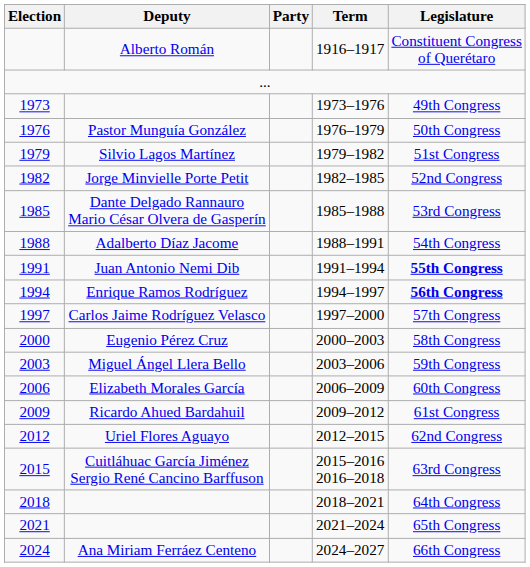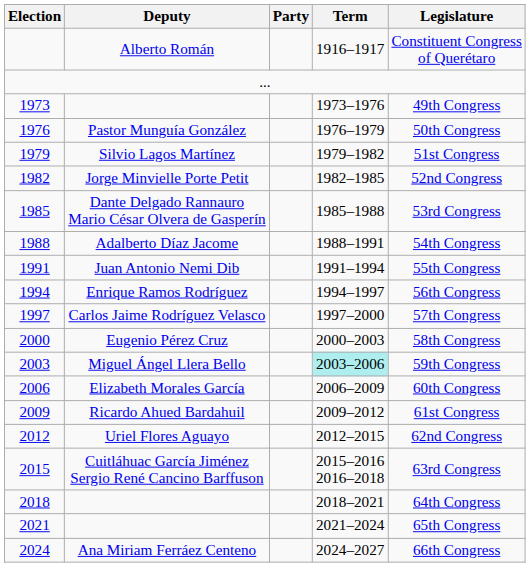 <table class="wikitable sortable" style="text-align: center">
 <tr>
 <th>Election</th>
 <th class="unsortable">Deputy</th>
 <th class="unsortable">Party</th>
 <th class="unsortable">Term</th>
 <th class="unsortable">Legislature</th>
 </tr>
 <tr>
 <td></td>
 <td><a href='#'>Alberto Román</a></td>
 <td></td>
 <td>1916–1917</td>
 <td><a href='#'>Constituent Congress<br>of Querétaro</a></td>
 </tr>
 <tr>
 <td colspan=5> ...</td>
 </tr>
 <tr>
 <td><a href='#'>1973</a></td>
 <td></td>
 <td></td>
 <td>1973–1976</td>
 <td><a href='#'>49th Congress</a></td>
 </tr>
 <tr>
 <td><a href='#'>1976</a></td>
 <td><a href='#'>Pastor Munguía González</a></td>
 <td></td>
 <td>1976–1979</td>
 <td><a href='#'>50th Congress</a></td>
 </tr>
 <tr>
 <td><a href='#'>1979</a></td>
 <td><a href='#'>Silvio Lagos Martínez</a></td>
 <td></td>
 <td>1979–1982</td>
 <td><a href='#'>51st Congress</a></td>
 </tr>
 <tr>
 <td><a href='#'>1982</a></td>
 <td><a href='#'>Jorge Minvielle Porte Petit</a></td>
 <td></td>
 <td>1982–1985</td>
 <td><a href='#'>52nd Congress</a></td>
 </tr>
 <tr>
 <td><a href='#'>1985</a></td>
 <td><a href='#'>Dante Delgado Rannauro</a><br><a href='#'>Mario César Olvera de Gasperín</a></td>
 <td></td>
 <td>1985–1988</td>
 <td><a href='#'>53rd Congress</a></td>
 </tr>
 <tr>
 <td><a href='#'>1988</a></td>
 <td><a href='#'>Adalberto Díaz Jacome</a></td>
 <td></td>
 <td>1988–1991</td>
 <td><a href='#'>54th Congress</a></td>
 </tr>
 <tr>
 <td><a href='#'>1991</a></td>
 <td><a href='#'>Juan Antonio Nemi Dib</a></td>
 <td></td>
 <td>1991–1994</td>
-<td><strong><a href='#'>55th Congress</a></strong></td>
+<td><a href='#'>55th Congress</a></td>
 </tr>
 <tr>
 <td><a href='#'>1994</a></td>
 <td><a href='#'>Enrique Ramos Rodríguez</a></td>
 <td></td>
 <td>1994–1997</td>
-<td><strong><a href='#'>56th Congress</a></strong></td>
+<td><a href='#'>56th Congress</a></td>
 </tr>
 <tr>
 <td><a href='#'>1997</a></td>
 <td><a href='#'>Carlos Jaime Rodríguez Velasco</a></td>
 <td></td>
 <td>1997–2000</td>
 <td><a href='#'>57th Congress</a></td>
 </tr>
 <tr>
 <td><a href='#'>2000</a></td>
 <td><a href='#'>Eugenio Pérez Cruz</a></td>
 <td></td>
 <td>2000–2003</td>
 <td><a href='#'>58th Congress</a></td>
 </tr>
 <tr>
 <td><a href='#'>2003</a></td>
 <td><a href='#'>Miguel Ángel Llera Bello</a></td>
 <td></td>
-<td>2003–2006</td>
+<td style="background: paleturquoise;">2003–2006</td>
 <td><a href='#'>59th Congress</a></td>
 </tr>
 <tr>
 <td><a href='#'>2006</a></td>
 <td><a href='#'>Elizabeth Morales García</a></td>
 <td></td>
 <td>2006–2009</td>
 <td><a href='#'>60th Congress</a></td>
 </tr>
 <tr>
 <td><a href='#'>2009</a></td>
 <td><a href='#'>Ricardo Ahued Bardahuil</a></td>
 <td></td>
 <td>2009–2012</td>
 <td><a href='#'>61st Congress</a></td>
 </tr>
 <tr>
 <td><a href='#'>2012</a></td>
 <td><a href='#'>Uriel Flores Aguayo</a></td>
 <td></td>
 <td>2012–2015</td>
 <td><a href='#'>62nd Congress</a></td>
 </tr>
 <tr>
 <td><a href='#'>2015</a></td>
 <td><a href='#'>Cuitláhuac García Jiménez</a><br><a href='#'>Sergio René Cancino Barffuson</a></td>
 <td></td>
 <td>2015–2016<br>2016–2018</td>
 <td><a href='#'>63rd Congress</a></td>
 </tr>
 <tr>
 <td><a href='#'>2018</a></td>
 <td></td>
 <td></td>
 <td>2018–2021</td>
 <td><a href='#'>64th Congress</a></td>
 </tr>
 <tr>
 <td><a href='#'>2021</a></td>
 <td></td>
 <td></td>
 <td>2021–2024</td>
 <td><a href='#'>65th Congress</a></td>
 </tr>
 <tr>
 <td><a href='#'>2024</a></td>
 <td><a href='#'>Ana Miriam Ferráez Centeno</a></td>
 <td></td>
 <td>2024–2027</td>
 <td><a href='#'>66th Congress</a></td>
 </tr>
 </table>
